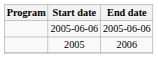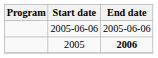 <table class="wikitable">
 <tr>
 <th>Program</th>
 <th>Start date</th>
 <th>End date</th>
 </tr>
 <tr>
 <td></td>
 <td align="center">2005-06-06</td>
 <td align="center">2005-06-06</td>
 </tr>
 <tr>
 <td></td>
 <td align="center">2005</td>
-<td align="center">2006</td>
+<td align="center"><strong>2006</strong></td>
 </tr>
 <tr>
 </tr>
 </table>
